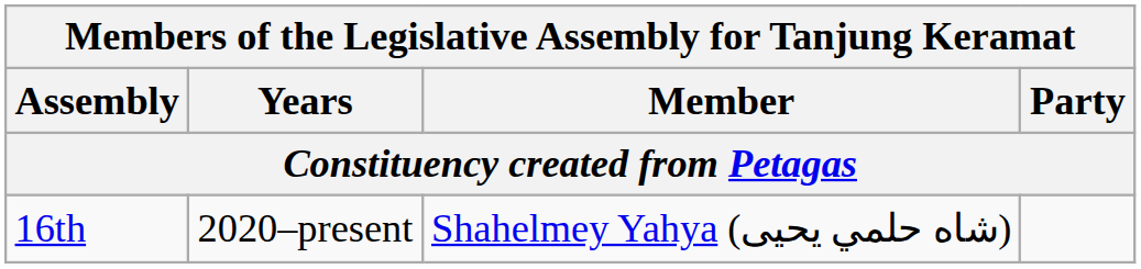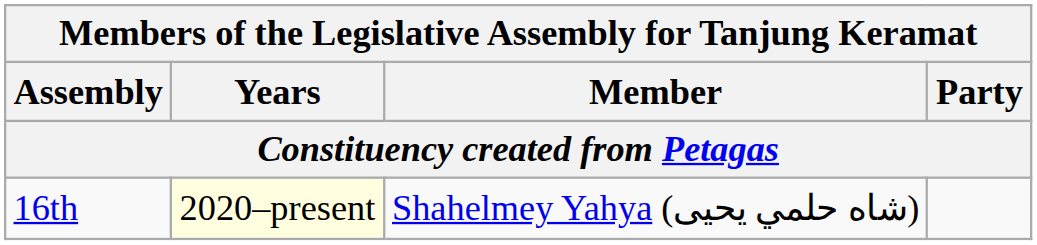 <table class=wikitable>
 <tr>
 <th colspan=4>Members of the Legislative Assembly for Tanjung Keramat</th>
 </tr>
 <tr>
 <th>Assembly</th>
 <th>Years</th>
 <th>Member</th>
 <th>Party</th>
 </tr>
 <tr>
 <th colspan=4 align=center><em>Constituency created from <a href='#'>Petagas</a></em></th>
 </tr>
 <tr>
 <td><a href='#'>16th</a></td>
-<td>2020–present</td>
+<td style="background: lightyellow;">2020–present</td>
 <td><a href='#'>Shahelmey Yahya</a> (شاه حلمي يحيى)</td>
 <td></td>
 </tr>
 </table>
